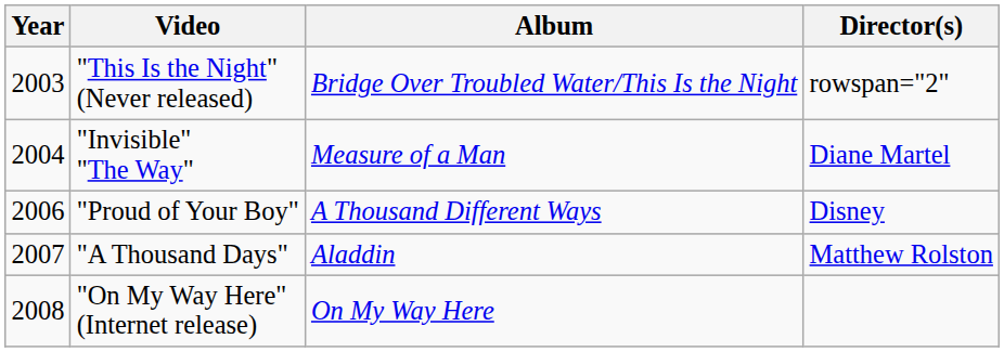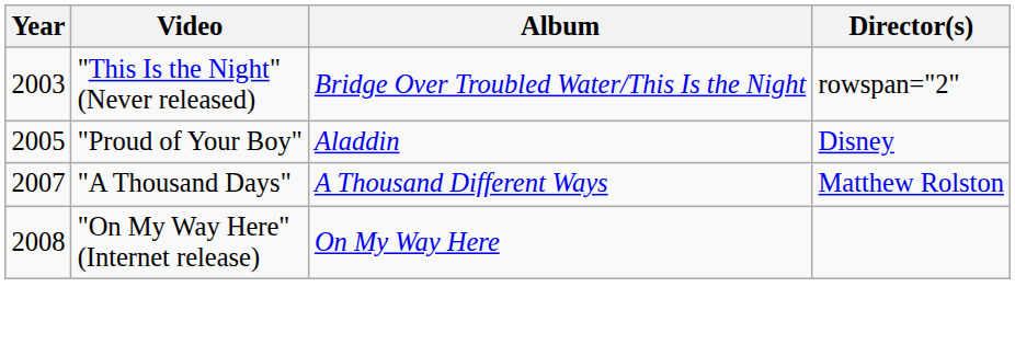 <table class="wikitable">
 <tr>
 <th>Year</th>
 <th>Video</th>
 <th>Album</th>
 <th>Director(s)</th>
 </tr>
 <tr>
 <td>2003</td>
 <td>"<a href='#'>This Is the Night</a>"<br>(Never released)</td>
 <td><em><a href='#'>Bridge Over Troubled Water/This Is the Night</a></em></td>
 <td>rowspan="2" </td>
 </tr>
 <tr>
-<td>2004</td>
-<td>"Invisible"<br> "<a href='#'>The Way</a>"</td>
-<td><em><a href='#'>Measure of a Man</a></em></td>
-<td><a href='#'>Diane Martel</a></td>
-</tr>
-<tr>
-<td>2006</td>
+<td>2005</td>
 <td>"Proud of Your Boy"</td>
-<td><em><a href='#'>A Thousand Different Ways</a></em></td>
+<td><em><a href='#'>Aladdin</a></em></td>
 <td><a href='#'>Disney</a></td>
 </tr>
 <tr>
 <td>2007</td>
 <td>"A Thousand Days"</td>
-<td><em><a href='#'>Aladdin</a></em></td>
+<td><em><a href='#'>A Thousand Different Ways</a></em></td>
 <td><a href='#'>Matthew Rolston</a></td>
 </tr>
 <tr>
 <td>2008</td>
 <td>"On My Way Here"<br>(Internet release)</td>
 <td><em><a href='#'>On My Way Here</a></em></td>
 </tr>
 </table>
